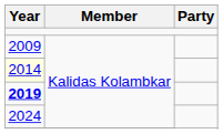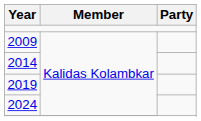 <table class="wikitable">
 <tr>
 <th>Year</th>
 <th>Member</th>
 <th colspan="2">Party</th>
 </tr>
 <tr>
 <td colspan="4"></td>
 </tr>
 <tr>
 <td><a href='#'>2009</a></td>
 <td rowspan="4"><a href='#'>Kalidas Kolambkar</a></td>
 <td></td>
 </tr>
 <tr>
-<td style="background: lightyellow;"><a href='#'>2014</a></td>
+<td><a href='#'>2014</a></td>
 </tr>
 <tr>
-<td><strong><a href='#'>2019</a></strong></td>
+<td><a href='#'>2019</a></td>
 <td></td>
 </tr>
 <tr>
 <td><a href='#'>2024</a></td>
 </tr>
 <tr>
 </tr>
 </table>
